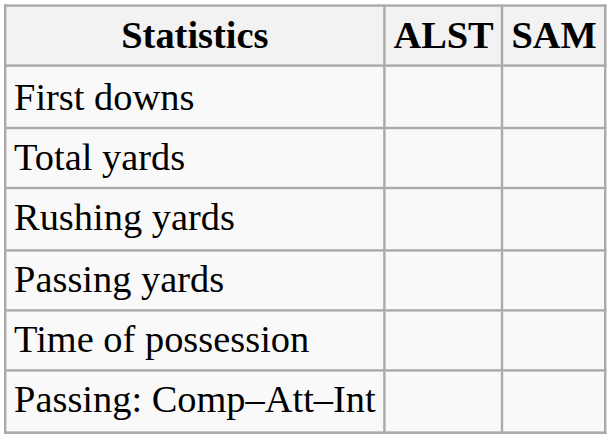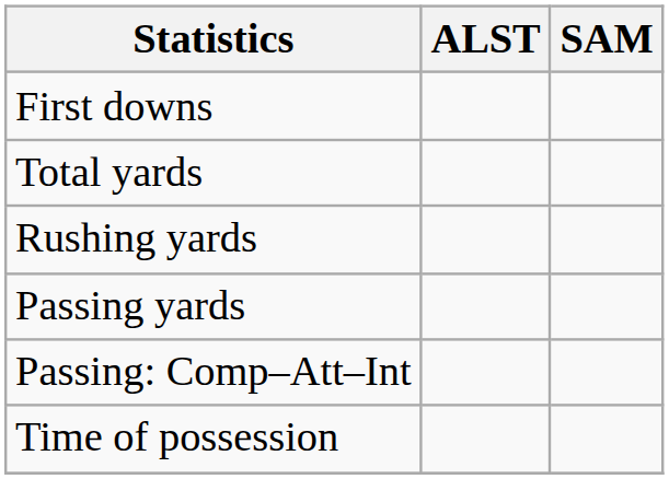 <table class="wikitable" style="float: left;">
 <tr>
 <th>Statistics</th>
 <th>ALST</th>
 <th>SAM</th>
 </tr>
 <tr>
 <td>First downs</td>
 <td></td>
 <td></td>
 </tr>
 <tr>
 <td>Total yards</td>
 <td></td>
 <td></td>
 </tr>
 <tr>
 <td>Rushing yards</td>
 <td></td>
 <td></td>
 </tr>
 <tr>
 <td>Passing yards</td>
 <td></td>
 <td></td>
 </tr>
 <tr>
-<td>Time of possession</td>
+<td>Passing: Comp–Att–Int</td>
 <td></td>
 <td></td>
 </tr>
 <tr>
-<td>Passing: Comp–Att–Int</td>
+<td>Time of possession</td>
 <td></td>
 <td></td>
 </tr>
 <tr>
 </tr>
 </table>
